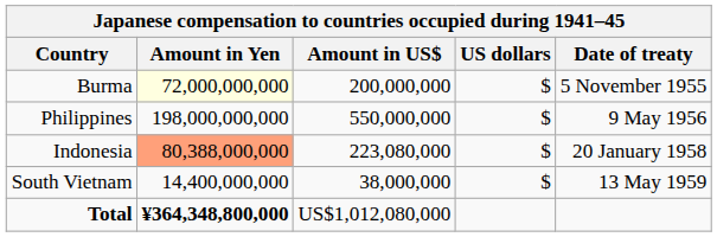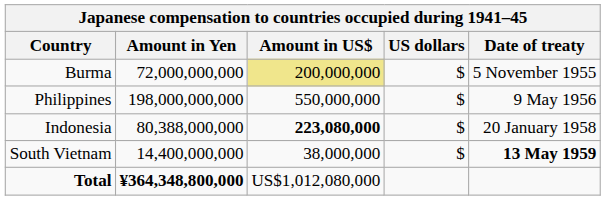 <table class="wikitable" style="text-align: right; float: right; margin: 1em;">
 <tr>
 <th colspan="10">Japanese compensation to countries occupied during 1941–45</th>
 </tr>
 <tr>
 <th>Country</th>
 <th>Amount in Yen</th>
 <th>Amount in US$</th>
 <th> US dollars</th>
 <th>Date of treaty</th>
 </tr>
 <tr>
 <td>Burma</td>
-<td style="background: lightyellow;">72,000,000,000</td>
-<td>200,000,000</td>
+<td>72,000,000,000</td>
+<td style="background: khaki;">200,000,000</td>
 <td>$</td>
 <td>5 November 1955</td>
 </tr>
 <tr>
 <td>Philippines</td>
 <td>198,000,000,000</td>
 <td>550,000,000</td>
 <td>$</td>
 <td>9 May 1956</td>
 </tr>
 <tr>
 <td>Indonesia</td>
-<td style="background: lightsalmon;">80,388,000,000</td>
-<td>223,080,000</td>
+<td>80,388,000,000</td>
+<td><strong>223,080,000</strong></td>
 <td>$</td>
 <td>20 January 1958</td>
 </tr>
 <tr>
 <td>South Vietnam</td>
 <td>14,400,000,000</td>
 <td>38,000,000</td>
 <td>$</td>
-<td>13 May 1959</td>
+<td><strong>13 May 1959</strong></td>
 </tr>
 <tr>
 <td><strong>Total</strong></td>
 <td><strong>¥364,348,800,000</strong></td>
 <td>US$1,012,080,000</td>
 <td></td>
 <td></td>
 </tr>
 </table>
